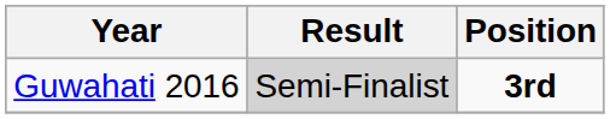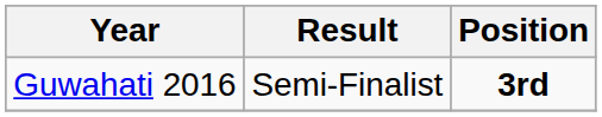 <table class="wikitable" style="text-align: center;">
 <tr>
 <th>Year</th>
 <th>Result</th>
 <th>Position</th>
 </tr>
 <tr>
 <td> <a href='#'>Guwahati</a> 2016</td>
-<td style="background: lightgrey;">Semi-Finalist</td>
+<td>Semi-Finalist</td>
 <td><strong>3rd</strong></td>
 </tr>
 <tr>
 </tr>
 </table>
